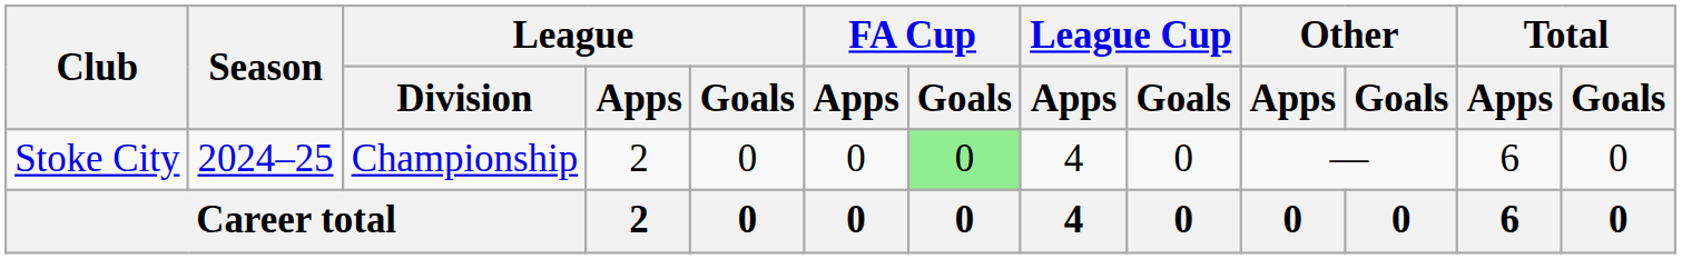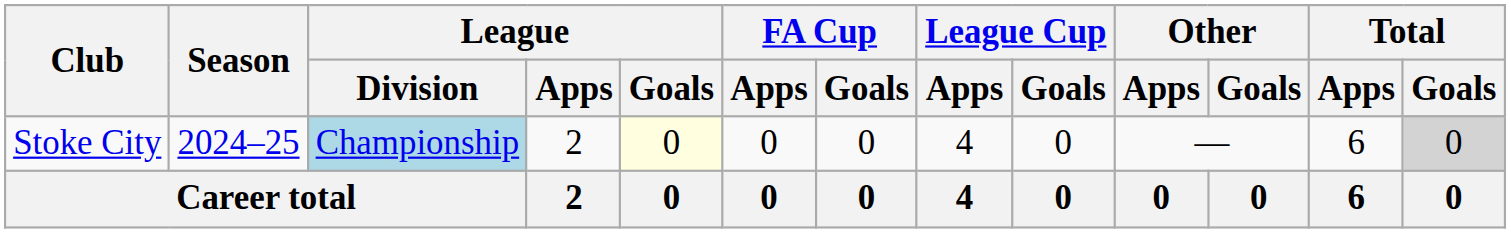 <table class="wikitable" style="text-align: center;">
 <tr>
 <th rowspan="2">Club</th>
 <th rowspan="2">Season</th>
 <th colspan="3">League</th>
 <th colspan="2"><a href='#'>FA Cup</a></th>
 <th colspan="2"><a href='#'>League Cup</a></th>
 <th colspan="2">Other</th>
 <th colspan="2">Total</th>
 </tr>
 <tr>
 <th>Division</th>
 <th>Apps</th>
 <th>Goals</th>
 <th>Apps</th>
 <th>Goals</th>
 <th>Apps</th>
 <th>Goals</th>
 <th>Apps</th>
 <th>Goals</th>
 <th>Apps</th>
 <th>Goals</th>
 </tr>
 <tr>
 <td><a href='#'>Stoke City</a></td>
 <td><a href='#'>2024–25</a></td>
-<td><a href='#'>Championship</a></td>
+<td style="background: lightblue;"><a href='#'>Championship</a></td>
 <td>2</td>
+<td style="background: lightyellow;">0</td>
 <td>0</td>
 <td>0</td>
-<td style="background: lightgreen;">0</td>
 <td>4</td>
 <td>0</td>
 <td colspan=2>—</td>
 <td>6</td>
-<td>0</td>
+<td style="background: lightgrey;">0</td>
 </tr>
 <tr>
 <th colspan="3">Career total</th>
 <th>2</th>
 <th>0</th>
 <th>0</th>
 <th>0</th>
 <th>4</th>
 <th>0</th>
 <th>0</th>
 <th>0</th>
 <th>6</th>
 <th>0</th>
 </tr>
 </table>
